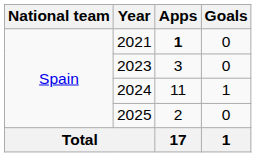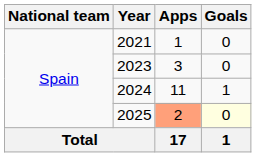 <table class="wikitable" style="text-align:center">
 <tr>
 <th>National team</th>
 <th>Year</th>
 <th>Apps</th>
 <th>Goals</th>
 </tr>
 <tr>
 <td rowspan="4"><a href='#'>Spain</a></td>
 <td>2021</td>
-<td><strong>1</strong></td>
+<td>1</td>
 <td>0</td>
 </tr>
 <tr>
 <td>2023</td>
 <td>3</td>
 <td>0</td>
 </tr>
 <tr>
 <td>2024</td>
 <td>11</td>
 <td>1</td>
 </tr>
 <tr>
 <td>2025</td>
-<td>2</td>
-<td>0</td>
+<td style="background: lightsalmon;">2</td>
+<td style="background: lightyellow;">0</td>
 </tr>
 <tr>
 <th colspan="2">Total</th>
 <th>17</th>
 <th>1</th>
 </tr>
 </table>
